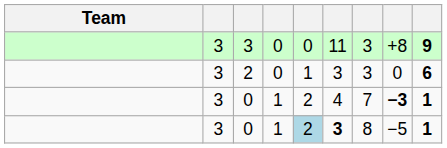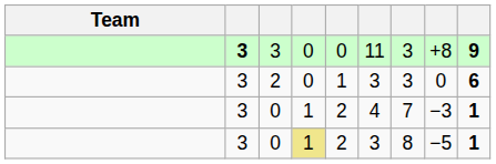 <table class="wikitable" style="text-align:center;">
 <tr>
 <th width=175>Team</th>
 <th width=20></th>
 <th width=20></th>
 <th width=20></th>
 <th width=20></th>
 <th width=20></th>
 <th width=20></th>
 <th width=20></th>
 <th width=20></th>
 </tr>
 <tr bgcolor=ccffcc>
 <td align="left"></td>
-<td>3</td>
+<td><strong>3</strong></td>
 <td>3</td>
 <td>0</td>
 <td>0</td>
 <td>11</td>
 <td>3</td>
 <td>+8</td>
 <td><strong>9</strong></td>
 </tr>
 <tr>
 <td align="left"></td>
 <td>3</td>
 <td>2</td>
 <td>0</td>
 <td>1</td>
 <td>3</td>
 <td>3</td>
 <td>0</td>
 <td><strong>6</strong></td>
 </tr>
 <tr>
 <td align="left"></td>
 <td>3</td>
 <td>0</td>
 <td>1</td>
 <td>2</td>
 <td>4</td>
 <td>7</td>
-<td><strong>−3</strong></td>
+<td>−3</td>
 <td><strong>1</strong></td>
 </tr>
 <tr>
 <td align="left"></td>
 <td>3</td>
 <td>0</td>
-<td>1</td>
-<td style="background: lightblue;">2</td>
-<td><strong>3</strong></td>
+<td style="background: khaki;">1</td>
+<td>2</td>
+<td>3</td>
 <td>8</td>
 <td>−5</td>
 <td><strong>1</strong></td>
 </tr>
 </table>
